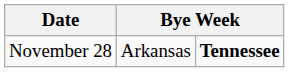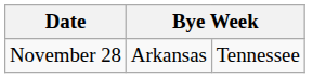 <table class="wikitable" style="font-size:95%;">
 <tr>
 <th>Date</th>
 <th colspan="2">Bye Week</th>
 </tr>
 <tr>
 <td>November 28</td>
 <td>Arkansas</td>
-<td><strong>Tennessee</strong></td>
+<td>Tennessee</td>
 </tr>
 </table>
